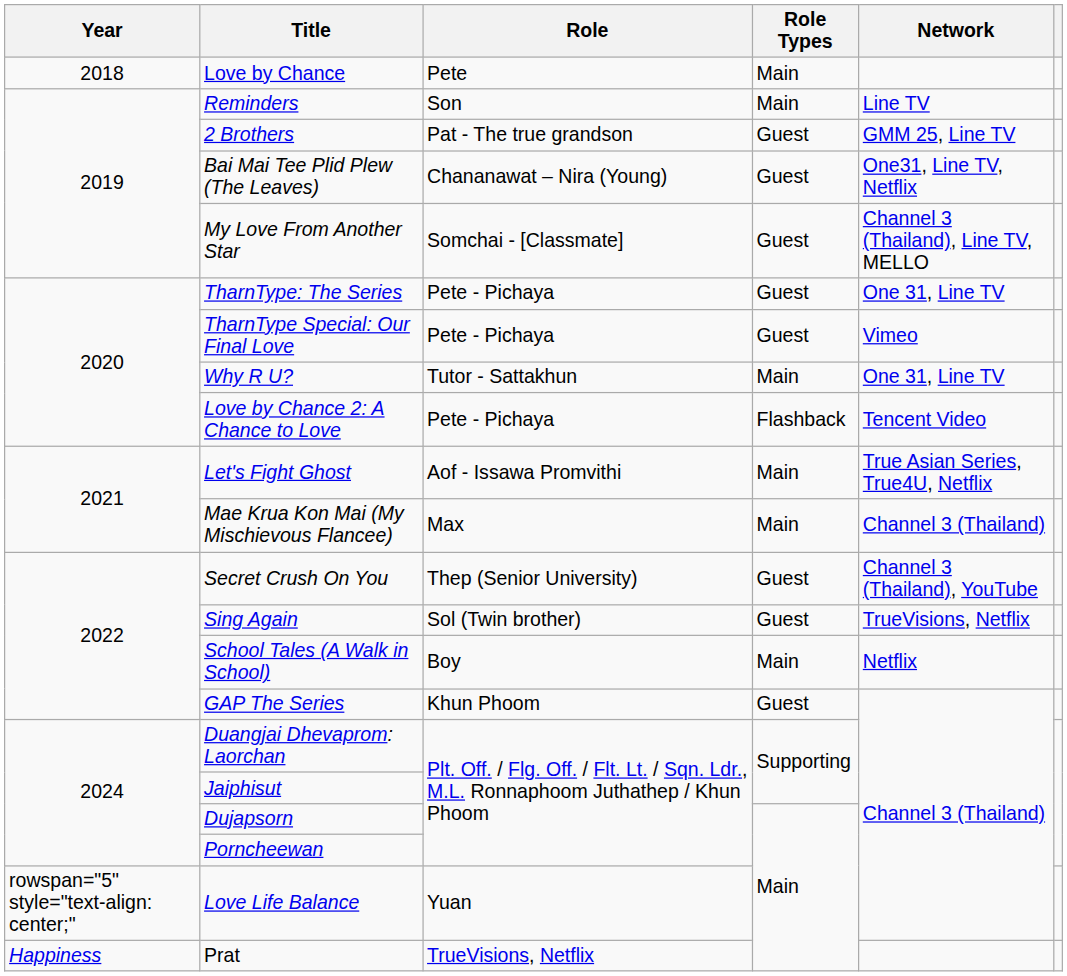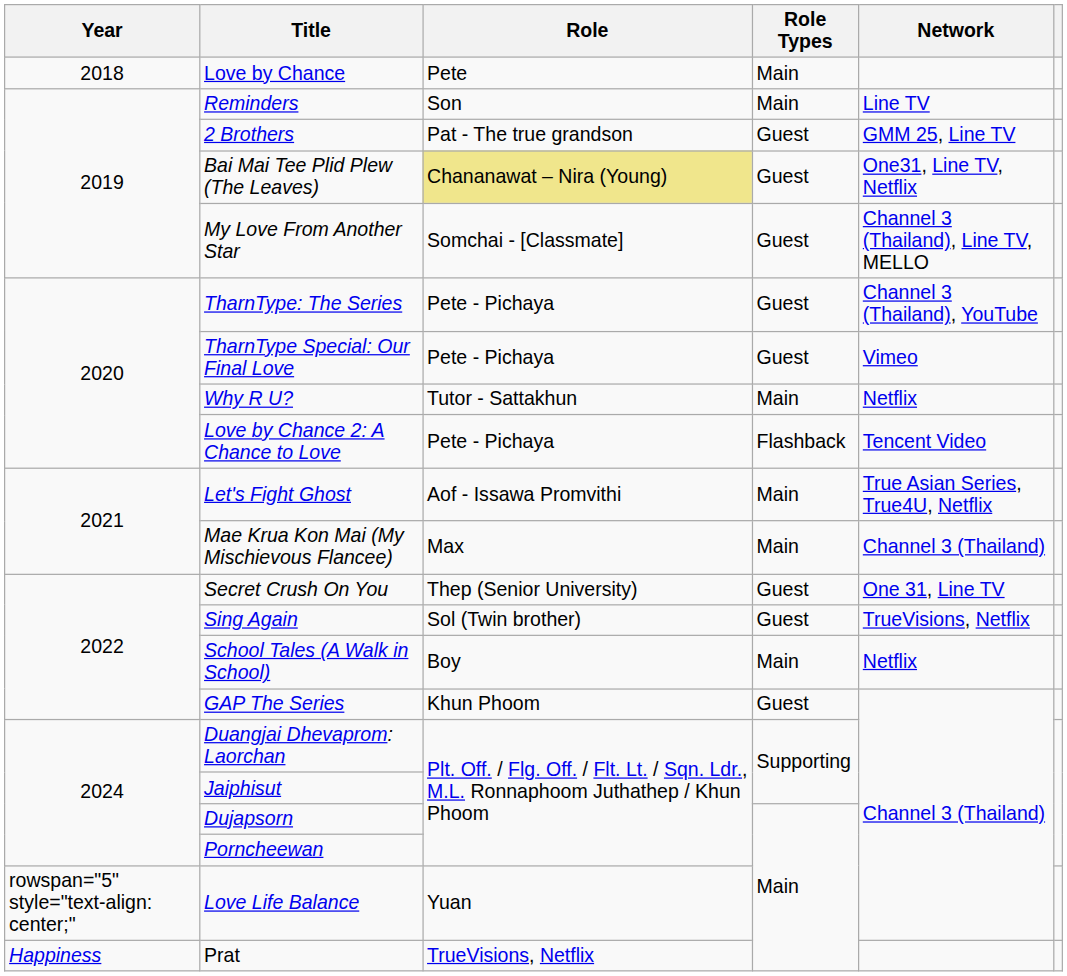 <table class="wikitable plainrowheaders sortable">
 <tr>
 <th scope="col">Year</th>
 <th scope="col">Title</th>
 <th scope="col">Role</th>
 <th scope="col">Role Types</th>
 <th class="unsortable">Network</th>
 <th class="unsortable"></th>
 </tr>
 <tr>
 <td style="text-align: center;">2018</td>
 <td><a href='#'>Love by Chance</a></td>
 <td>Pete</td>
 <td>Main</td>
 <td></td>
 <td></td>
 </tr>
 <tr>
 <td rowspan="4" style="text-align: center;">2019</td>
 <td><a href='#'><em>Reminders</em></a></td>
 <td>Son</td>
 <td>Main</td>
 <td><a href='#'>Line TV</a></td>
 <td></td>
 </tr>
 <tr>
 <td><em><a href='#'>2 Brothers</a></em></td>
 <td>Pat - The true grandson</td>
 <td>Guest</td>
 <td><a href='#'>GMM 25</a>, <a href='#'>Line TV</a></td>
 <td></td>
 </tr>
 <tr>
 <td><em>Bai Mai Tee Plid Plew (The Leaves)</em></td>
-<td>Chananawat – Nira (Young)</td>
+<td style="background: khaki;">Chananawat – Nira (Young)</td>
 <td>Guest</td>
 <td><a href='#'>One31</a>, <a href='#'>Line TV</a>, <a href='#'>Netflix</a></td>
 <td></td>
 </tr>
 <tr>
 <td><em>My Love From Another Star</em></td>
 <td>Somchai - [Classmate]</td>
 <td>Guest</td>
 <td><a href='#'>Channel 3 (Thailand)</a>, <a href='#'>Line TV</a>, MELLO</td>
 <td></td>
 </tr>
 <tr>
 <td rowspan="4" style="text-align: center;">2020</td>
 <td><em><a href='#'>TharnType: The Series</a></em></td>
 <td>Pete - Pichaya</td>
 <td>Guest</td>
-<td><a href='#'>One 31</a>, <a href='#'>Line TV</a></td>
+<td><a href='#'>Channel 3 (Thailand)</a>, <a href='#'>YouTube</a></td>
 <td></td>
 </tr>
 <tr>
 <td><em><a href='#'>TharnType Special: Our Final Love</a></em></td>
 <td>Pete - Pichaya</td>
 <td>Guest</td>
 <td><a href='#'>Vimeo</a></td>
 <td></td>
 </tr>
 <tr>
 <td><em><a href='#'>Why R U?</a></em></td>
 <td>Tutor - Sattakhun</td>
 <td>Main</td>
-<td><a href='#'>One 31</a>, <a href='#'>Line TV</a></td>
+<td><a href='#'>Netflix</a></td>
 <td></td>
 </tr>
 <tr>
 <td><a href='#'><em>Love by Chance 2: A Chance to Love</em></a></td>
 <td>Pete - Pichaya</td>
 <td>Flashback</td>
 <td><a href='#'>Tencent Video</a></td>
 <td></td>
 </tr>
 <tr>
 <td rowspan="2" style="text-align: center;">2021</td>
 <td><em><a href='#'>Let's Fight Ghost</a></em></td>
 <td>Aof - Issawa Promvithi</td>
 <td>Main</td>
 <td><a href='#'>True Asian Series</a>, <a href='#'>True4U</a>, <a href='#'>Netflix</a></td>
 <td></td>
 </tr>
 <tr>
 <td><em>Mae Krua Kon Mai (My Mischievous Flancee)</em></td>
 <td>Max</td>
 <td>Main</td>
 <td><a href='#'>Channel 3 (Thailand)</a></td>
 <td></td>
 </tr>
 <tr>
 <td rowspan="4" style="text-align: center;">2022</td>
 <td><em>Secret Crush On You</em></td>
 <td>Thep (Senior University)</td>
 <td>Guest</td>
-<td><a href='#'>Channel 3 (Thailand)</a>, <a href='#'>YouTube</a></td>
+<td><a href='#'>One 31</a>, <a href='#'>Line TV</a></td>
 <td></td>
 </tr>
 <tr>
 <td><em><a href='#'>Sing Again</a></em></td>
 <td>Sol (Twin brother)</td>
 <td>Guest</td>
 <td><a href='#'>TrueVisions</a>, <a href='#'>Netflix</a></td>
 <td></td>
 </tr>
 <tr>
 <td><em><a href='#'>School Tales (A Walk in School)</a></em></td>
 <td>Boy</td>
 <td>Main</td>
 <td><a href='#'>Netflix</a></td>
 <td></td>
 </tr>
 <tr>
 <td><em><a href='#'>GAP The Series</a></em></td>
 <td>Khun Phoom</td>
 <td>Guest</td>
 <td rowspan="6"><a href='#'>Channel 3 (Thailand)</a></td>
 <td></td>
 </tr>
 <tr>
 <td rowspan="4" style="text-align: center;">2024</td>
 <td><em><a href='#'>Duangjai Dhevaprom</a>: <a href='#'>Laorchan</a></em></td>
 <td rowspan="4"><a href='#'>Plt. Off.</a> / <a href='#'>Flg. Off.</a> / <a href='#'>Flt. Lt.</a> / <a href='#'>Sqn. Ldr.</a>, <a href='#'>M.L.</a> Ronnaphoom Juthathep / Khun Phoom</td>
 <td rowspan="2">Supporting</td>
 <td rowspan="4"></td>
 </tr>
 <tr>
 <td><a href='#'><em>Jaiphisut</em></a></td>
 </tr>
 <tr>
 <td><a href='#'><em>Dujapsorn</em></a></td>
 <td rowspan="4">Main</td>
 </tr>
 <tr>
 <td><a href='#'><em>Porncheewan</em></a></td>
 </tr>
 <tr>
 <td>rowspan="5" style="text-align: center;" </td>
 <td><em><a href='#'>Love Life Balance</a></em></td>
 <td>Yuan</td>
 <td></td>
 </tr>
 <tr>
 <td><em><a href='#'>Happiness</a></em></td>
 <td>Prat</td>
 <td><a href='#'>TrueVisions</a>, <a href='#'>Netflix</a></td>
 <td></td>
 </tr>
 </table>
